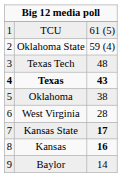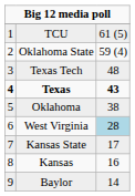 <table class="wikitable" style="display: inline-table;">
 <tr>
 <td align="center" Colspan="3"><strong>Big 12 media poll</strong></td>
 </tr>
 <tr align="center">
 </tr>
 <tr align="center" style="background:#eeeeee;">
 <td>1</td>
 <td>TCU</td>
 <td>61 (5)</td>
 </tr>
 <tr align="center">
 <td>2</td>
 <td>Oklahoma State</td>
 <td>59 (4)</td>
 </tr>
 <tr align="center" style="background:#eeeeee;">
 <td>3</td>
 <td>Texas Tech</td>
 <td>48</td>
 </tr>
 <tr align="center">
 <td><strong>4</strong></td>
 <td><strong>Texas</strong></td>
 <td><strong>43</strong></td>
 </tr>
 <tr align="center" style="background:#eeeeee;">
 <td>5</td>
 <td>Oklahoma</td>
 <td>38</td>
 </tr>
 <tr align="center">
 <td>6</td>
 <td>West Virginia</td>
-<td>28</td>
+<td style="background: lightblue;">28</td>
 </tr>
 <tr align="center" style="background:#eeeeee;">
 <td>7</td>
 <td>Kansas State</td>
-<td><strong>17</strong></td>
+<td>17</td>
 </tr>
 <tr align="center">
 <td>8</td>
 <td>Kansas</td>
-<td><strong>16</strong></td>
+<td>16</td>
 </tr>
 <tr align="center" style="background:#eeeeee;">
 <td>9</td>
 <td>Baylor</td>
 <td>14</td>
 </tr>
 </table>
